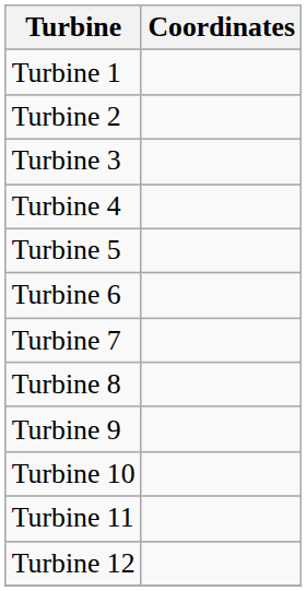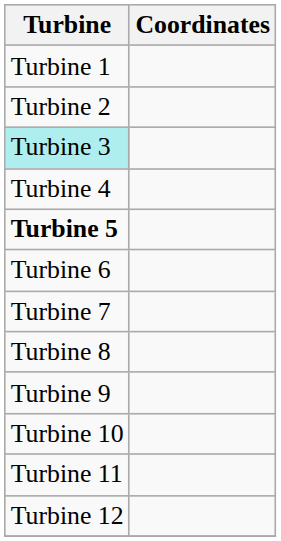 <table class="wikitable">
 <tr>
 <th>Turbine</th>
 <th>Coordinates</th>
 </tr>
 <tr>
 <td>Turbine 1</td>
 <td></td>
 </tr>
 <tr>
 <td>Turbine 2</td>
 <td></td>
 </tr>
 <tr>
-<td>Turbine 3</td>
+<td style="background: paleturquoise;">Turbine 3</td>
 <td></td>
 </tr>
 <tr>
 <td>Turbine 4</td>
 <td></td>
 </tr>
 <tr>
-<td>Turbine 5</td>
+<td><strong>Turbine 5</strong></td>
 <td></td>
 </tr>
 <tr>
 <td>Turbine 6</td>
 <td></td>
 </tr>
 <tr>
 <td>Turbine 7</td>
 <td></td>
 </tr>
 <tr>
 <td>Turbine 8</td>
 <td></td>
 </tr>
 <tr>
 <td>Turbine 9</td>
 <td></td>
 </tr>
 <tr>
 <td>Turbine 10</td>
 <td></td>
 </tr>
 <tr>
 <td>Turbine 11</td>
 <td></td>
 </tr>
 <tr>
 <td>Turbine 12</td>
 <td></td>
 </tr>
 <tr>
 </tr>
 </table>
